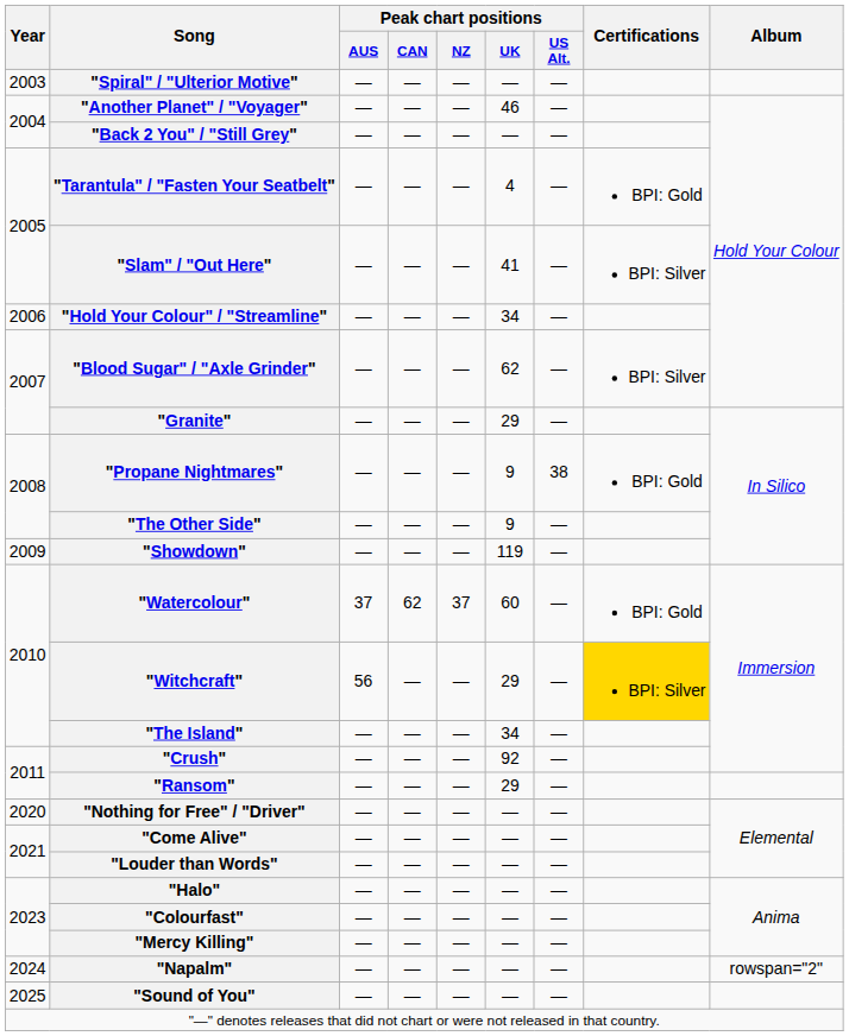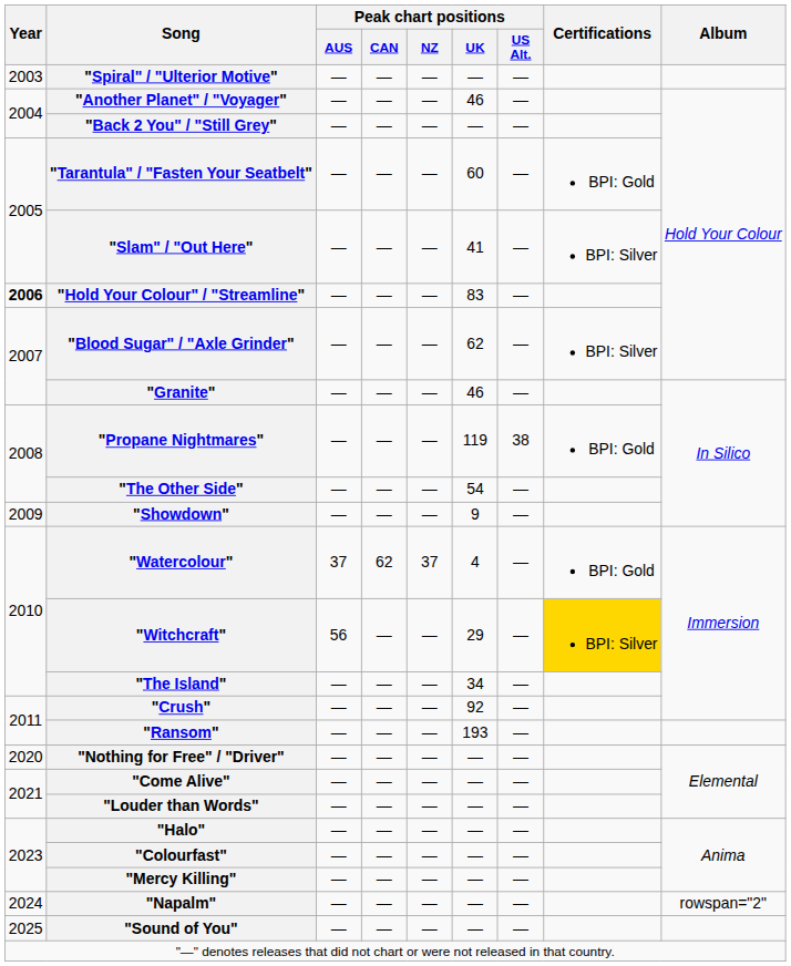 <table class="wikitable plainrowheaders" style="text-align:center;">
 <tr>
 <th scope="col" rowspan="2">Year</th>
 <th scope="col" rowspan="2">Song</th>
 <th scope="col" colspan="5">Peak chart positions</th>
 <th rowspan="2">Certifications</th>
 <th scope="col" rowspan="2">Album</th>
 </tr>
 <tr>
 <th scope="col" style="width:3em;font-size:85%;"><a href='#'>AUS</a><br></th>
 <th scope="col" style="width:3em;font-size:85%;"><a href='#'>CAN</a><br></th>
 <th scope="col" style="width:3em;font-size:85%;"><a href='#'>NZ</a><br></th>
 <th scope="col" style="width:3em;font-size:85%;"><a href='#'>UK</a><br></th>
 <th scope="col" style="width:3em;font-size:85%;"><a href='#'>US<br>Alt.</a><br></th>
 </tr>
 <tr>
 <td>2003</td>
 <th scope="row">"<a href='#'>Spiral" / "Ulterior Motive</a>"</th>
 <td>—</td>
 <td>—</td>
 <td>—</td>
 <td>—</td>
 <td>—</td>
 <td></td>
 <td></td>
 </tr>
 <tr>
 <td rowspan="2">2004</td>
 <th scope="row">"<a href='#'>Another Planet" / "Voyager</a>"</th>
 <td>—</td>
 <td>—</td>
 <td>—</td>
 <td>46</td>
 <td>—</td>
 <td></td>
 <td rowspan="6"><em><a href='#'>Hold Your Colour</a></em></td>
 </tr>
 <tr>
 <th scope="row">"<a href='#'>Back 2 You" / "Still Grey</a>"</th>
 <td>—</td>
 <td>—</td>
 <td>—</td>
 <td>—</td>
 <td>—</td>
 <td></td>
 </tr>
 <tr>
 <td rowspan="2">2005</td>
 <th scope="row">"<a href='#'>Tarantula" / "Fasten Your Seatbelt</a>"</th>
 <td>—</td>
 <td>—</td>
 <td>—</td>
-<td>4</td>
+<td>60</td>
 <td>—</td>
 <td><br><ul><li>BPI: Gold</li></ul></td>
 </tr>
 <tr>
 <th scope="row">"<a href='#'>Slam" / "Out Here</a>"</th>
 <td>—</td>
 <td>—</td>
 <td>—</td>
 <td>41</td>
 <td>—</td>
 <td><br><ul><li>BPI: Silver</li></ul></td>
 </tr>
 <tr>
-<td>2006</td>
+<td><strong>2006</strong></td>
 <th scope="row">"<a href='#'>Hold Your Colour" / "Streamline</a>"</th>
 <td>—</td>
 <td>—</td>
 <td>—</td>
-<td>34</td>
+<td>83</td>
 <td>—</td>
 <td></td>
 </tr>
 <tr>
 <td rowspan="2">2007</td>
 <th scope="row">"<a href='#'>Blood Sugar" / "Axle Grinder</a>"</th>
 <td>—</td>
 <td>—</td>
 <td>—</td>
 <td>62</td>
 <td>—</td>
 <td><br><ul><li>BPI: Silver</li></ul></td>
 </tr>
 <tr>
 <th scope="row">"<a href='#'>Granite</a>"</th>
 <td>—</td>
 <td>—</td>
 <td>—</td>
-<td>29</td>
+<td>46</td>
 <td>—</td>
 <td></td>
 <td rowspan="4"><em><a href='#'>In Silico</a></em></td>
 </tr>
 <tr>
 <td rowspan="2">2008</td>
 <th scope="row">"<a href='#'>Propane Nightmares</a>"</th>
 <td>—</td>
 <td>—</td>
 <td>—</td>
-<td>9</td>
+<td>119</td>
 <td>38</td>
 <td><br><ul><li>BPI: Gold</li></ul></td>
 </tr>
 <tr>
 <th scope="row">"<a href='#'>The Other Side</a>"</th>
 <td>—</td>
 <td>—</td>
 <td>—</td>
-<td>9</td>
+<td>54</td>
 <td>—</td>
 <td></td>
 </tr>
 <tr>
 <td>2009</td>
 <th scope="row">"<a href='#'>Showdown</a>"</th>
 <td>—</td>
 <td>—</td>
 <td>—</td>
-<td>119</td>
+<td>9</td>
 <td>—</td>
 <td></td>
 </tr>
 <tr>
 <td rowspan="3">2010</td>
 <th scope="row">"<a href='#'>Watercolour</a>"</th>
 <td>37</td>
 <td>62</td>
 <td>37</td>
-<td>60</td>
+<td>4</td>
 <td>—</td>
 <td><br><ul><li>BPI: Gold</li></ul></td>
 <td rowspan="4"><em><a href='#'>Immersion</a></em></td>
 </tr>
 <tr>
 <th scope="row">"<a href='#'>Witchcraft</a>"</th>
 <td>56</td>
 <td>—</td>
 <td>—</td>
 <td>29</td>
 <td>—</td>
 <td style="background: gold;"><br><ul><li>BPI: Silver</li></ul></td>
 </tr>
 <tr>
 <th scope="row">"<a href='#'>The Island</a>"</th>
 <td>—</td>
 <td>—</td>
 <td>—</td>
 <td>34</td>
 <td>—</td>
 <td></td>
 </tr>
 <tr>
 <td rowspan="2">2011</td>
 <th scope="row">"<a href='#'>Crush</a>"</th>
 <td>—</td>
 <td>—</td>
 <td>—</td>
 <td>92</td>
 <td>—</td>
 <td></td>
 </tr>
 <tr>
 <th scope="row">"<a href='#'>Ransom</a>"</th>
 <td>—</td>
 <td>—</td>
 <td>—</td>
-<td>29</td>
+<td>193</td>
 <td>—</td>
 <td></td>
 <td></td>
 </tr>
 <tr>
 <td>2020</td>
 <th scope="row">"Nothing for Free" / "Driver"</th>
 <td>—</td>
 <td>—</td>
 <td>—</td>
 <td>—</td>
 <td>—</td>
 <td></td>
 <td rowspan="3"><em>Elemental</em></td>
 </tr>
 <tr>
 <td rowspan="2">2021</td>
 <th scope="row">"Come Alive"</th>
 <td>—</td>
 <td>—</td>
 <td>—</td>
 <td>—</td>
 <td>—</td>
 <td></td>
 </tr>
 <tr>
 <th scope="row">"Louder than Words"<br></th>
 <td>—</td>
 <td>—</td>
 <td>—</td>
 <td>—</td>
 <td>—</td>
 <td></td>
 </tr>
 <tr>
 <td rowspan="3">2023</td>
 <th scope="row">"Halo"<br></th>
 <td>—</td>
 <td>—</td>
 <td>—</td>
 <td>—</td>
 <td>—</td>
 <td></td>
 <td rowspan="3"><em>Anima</em></td>
 </tr>
 <tr>
 <th scope="row">"Colourfast"</th>
 <td>—</td>
 <td>—</td>
 <td>—</td>
 <td>—</td>
 <td>—</td>
 <td></td>
 </tr>
 <tr>
 <th scope="row">"Mercy Killing"<br></th>
 <td>—</td>
 <td>—</td>
 <td>—</td>
 <td>—</td>
 <td>—</td>
 <td></td>
 </tr>
 <tr>
 <td>2024</td>
 <th scope="row">"Napalm"<br></th>
 <td>—</td>
 <td>—</td>
 <td>—</td>
 <td>—</td>
 <td>—</td>
 <td></td>
 <td>rowspan="2" </td>
 </tr>
 <tr>
 <td>2025</td>
 <th scope="row">"Sound of You"<br></th>
 <td>—</td>
 <td>—</td>
 <td>—</td>
 <td>—</td>
 <td>—</td>
 <td></td>
 </tr>
 <tr>
 <td colspan="11" style="font-size:85%;">"—" denotes releases that did not chart or were not released in that country.</td>
 </tr>
 </table>
